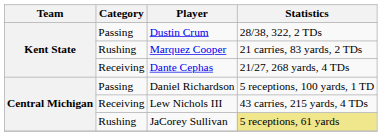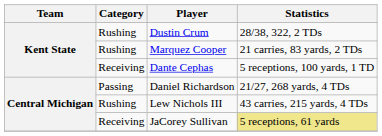 <table class="wikitable" style="float: left;">
 <tr>
 <th>Team</th>
 <th>Category</th>
 <th>Player</th>
 <th>Statistics</th>
 </tr>
 <tr>
 <th rowspan=3>Kent State</th>
-<td>Passing</td>
+<td>Rushing</td>
 <td><a href='#'>Dustin Crum</a></td>
 <td>28/38, 322, 2 TDs</td>
 </tr>
 <tr>
 <td>Rushing</td>
 <td><a href='#'>Marquez Cooper</a></td>
 <td>21 carries, 83 yards, 2 TDs</td>
 </tr>
 <tr>
 <td>Receiving</td>
 <td><a href='#'>Dante Cephas</a></td>
-<td>21/27, 268 yards, 4 TDs</td>
+<td>5 receptions, 100 yards, 1 TD</td>
 </tr>
 <tr>
 <th rowspan=3 style=>Central Michigan</th>
 <td>Passing</td>
 <td>Daniel Richardson</td>
-<td>5 receptions, 100 yards, 1 TD</td>
+<td>21/27, 268 yards, 4 TDs</td>
 </tr>
 <tr>
-<td>Receiving</td>
+<td>Rushing</td>
 <td>Lew Nichols III</td>
 <td>43 carries, 215 yards, 4 TDs</td>
 </tr>
 <tr>
-<td>Rushing</td>
+<td>Receiving</td>
 <td>JaCorey Sullivan</td>
 <td style="background: khaki;">5 receptions, 61 yards</td>
 </tr>
 <tr>
 </tr>
 </table>
